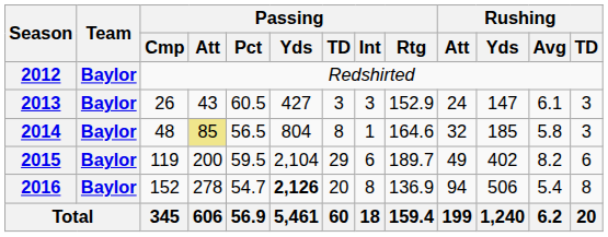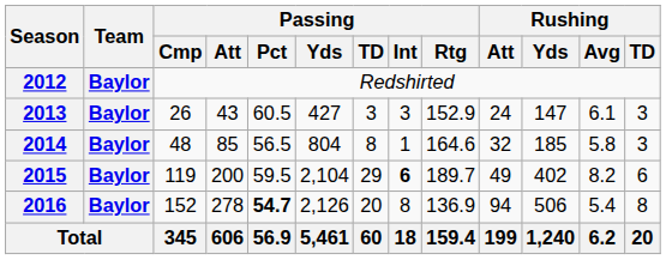 <table class="wikitable" style="text-align:center;">
 <tr>
 <th rowspan="2">Season</th>
 <th rowspan="2">Team</th>
 <th colspan="7">Passing</th>
 <th colspan="4">Rushing</th>
 </tr>
 <tr>
 <th>Cmp</th>
 <th>Att</th>
 <th>Pct</th>
 <th>Yds</th>
 <th>TD</th>
 <th>Int</th>
 <th>Rtg</th>
 <th>Att</th>
 <th>Yds</th>
 <th>Avg</th>
 <th>TD</th>
 </tr>
 <tr>
 <th><a href='#'>2012</a></th>
 <th><a href='#'>Baylor</a></th>
 <td colspan="12"><em>Redshirted</em></td>
 </tr>
 <tr>
 <th><a href='#'>2013</a></th>
 <th><a href='#'>Baylor</a></th>
 <td>26</td>
 <td>43</td>
 <td>60.5</td>
 <td>427</td>
 <td>3</td>
 <td>3</td>
 <td>152.9</td>
 <td>24</td>
 <td>147</td>
 <td>6.1</td>
 <td>3</td>
 </tr>
 <tr>
 <th><a href='#'>2014</a></th>
 <th><a href='#'>Baylor</a></th>
 <td>48</td>
-<td style="background: khaki;">85</td>
+<td>85</td>
 <td>56.5</td>
 <td>804</td>
 <td>8</td>
 <td>1</td>
 <td>164.6</td>
 <td>32</td>
 <td>185</td>
 <td>5.8</td>
 <td>3</td>
 </tr>
 <tr>
 <th><a href='#'>2015</a></th>
 <th><a href='#'>Baylor</a></th>
 <td>119</td>
 <td>200</td>
 <td>59.5</td>
 <td>2,104</td>
 <td>29</td>
-<td>6</td>
+<td><strong>6</strong></td>
 <td>189.7</td>
 <td>49</td>
 <td>402</td>
 <td>8.2</td>
 <td>6</td>
 </tr>
 <tr>
 <th><a href='#'>2016</a></th>
 <th><a href='#'>Baylor</a></th>
 <td>152</td>
 <td>278</td>
-<td>54.7</td>
-<td><strong>2,126</strong></td>
+<td><strong>54.7</strong></td>
+<td>2,126</td>
 <td>20</td>
 <td>8</td>
 <td>136.9</td>
 <td>94</td>
 <td>506</td>
 <td>5.4</td>
 <td>8</td>
 </tr>
 <tr>
 <th colspan="2">Total</th>
 <th>345</th>
 <th>606</th>
 <th>56.9</th>
 <th>5,461</th>
 <th>60</th>
 <th>18</th>
 <th>159.4</th>
 <th>199</th>
 <th>1,240</th>
 <th>6.2</th>
 <th>20</th>
 </tr>
 </table>
